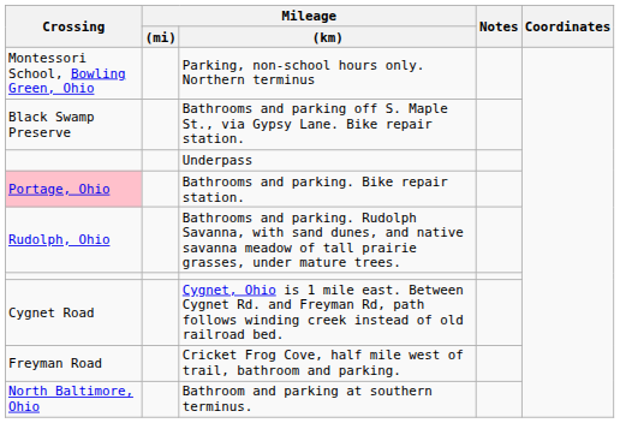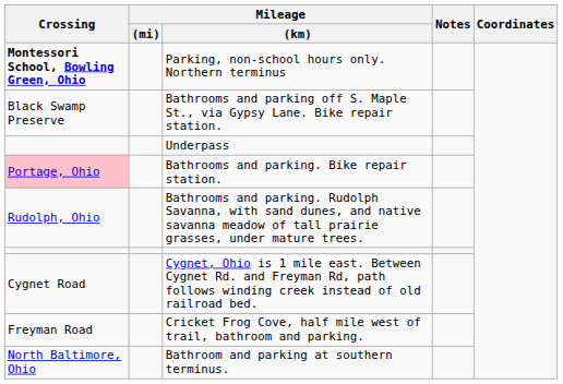 <table class="wikitable">
 <tr>
 <th rowspan=2>Crossing</th>
 <th colspan=2>Mileage</th>
 <th rowspan=2>Notes</th>
 <th rowspan=2>Coordinates</th>
 </tr>
 <tr>
 <th>(mi)</th>
 <th>(km)</th>
 </tr>
 <tr>
-<td>Montessori School, <a href='#'>Bowling Green, Ohio</a></td>
+<td><strong>Montessori School, <a href='#'>Bowling Green, Ohio</a></strong></td>
 <td></td>
 <td> Parking, non-school hours only. Northern terminus</td>
 <td></td>
 </tr>
 <tr>
 <td>Black Swamp Preserve</td>
 <td></td>
 <td>  Bathrooms and parking off S. Maple St., via Gypsy Lane. Bike repair station.</td>
 <td></td>
 </tr>
 <tr>
 <td></td>
 <td></td>
 <td>Underpass</td>
 <td></td>
 </tr>
 <tr>
 <td style="background: pink;"><a href='#'>Portage, Ohio</a></td>
 <td></td>
 <td>  Bathrooms and parking. Bike repair station.</td>
 <td></td>
 </tr>
 <tr>
 <td><a href='#'>Rudolph, Ohio</a></td>
 <td></td>
 <td>  Bathrooms and parking. Rudolph Savanna, with sand dunes, and native savanna meadow of tall prairie grasses, under mature trees.</td>
 <td></td>
 </tr>
 <tr>
 <td></td>
 <td></td>
 <td></td>
 <td></td>
 </tr>
 <tr>
 <td>Cygnet Road</td>
 <td></td>
 <td><a href='#'>Cygnet, Ohio</a> is 1 mile east. Between Cygnet Rd. and Freyman Rd, path follows winding creek instead of old railroad bed.</td>
 <td></td>
 </tr>
 <tr>
 <td>Freyman Road</td>
 <td></td>
 <td>Cricket Frog Cove, half mile west of trail, bathroom and parking.  </td>
 <td></td>
 </tr>
 <tr>
 <td><a href='#'>North Baltimore, Ohio</a></td>
 <td></td>
 <td>  Bathroom and parking at southern terminus.</td>
 <td></td>
 </tr>
 </table>
